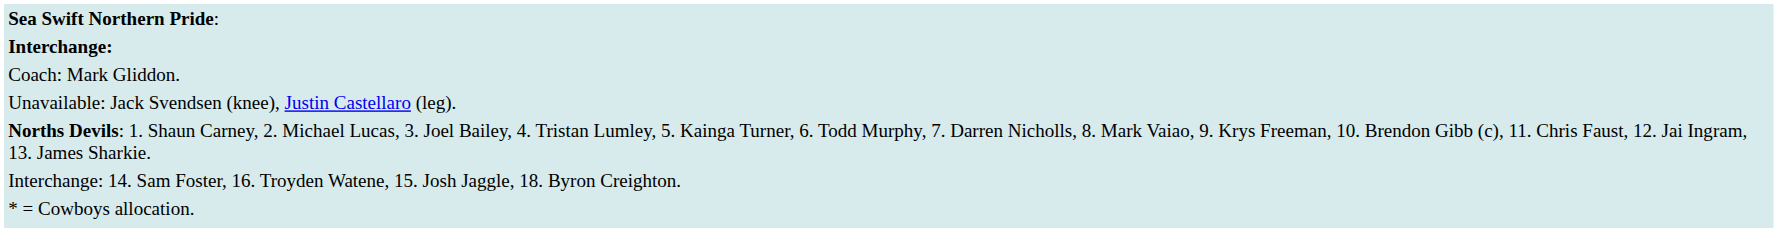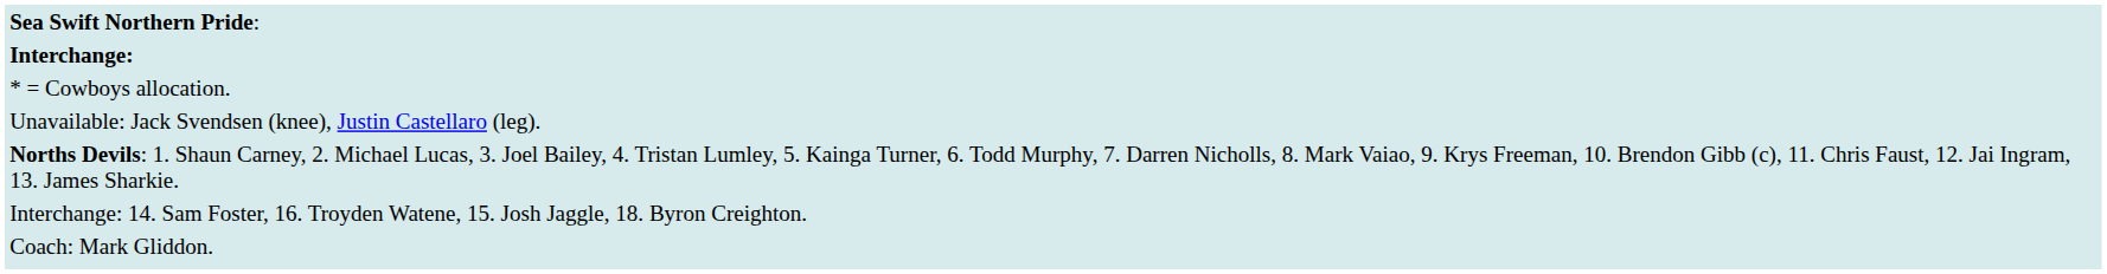 <table style="background:#d7ebed; font-size:85%; width:100%;">
 <tr>
 <td><strong>Sea Swift Northern Pride</strong>:             </td>
 </tr>
 <tr>
 <td><strong>Interchange:    </strong></td>
 </tr>
 <tr>
-<td>Coach: Mark Gliddon.</td>
+<td>* = Cowboys allocation.</td>
 </tr>
 <tr>
 <td>Unavailable: Jack Svendsen (knee), <a href='#'>Justin Castellaro</a> (leg).</td>
 </tr>
 <tr>
 <td><strong>Norths Devils</strong>: 1. Shaun Carney, 2. Michael Lucas, 3. Joel Bailey, 4. Tristan Lumley, 5. Kainga Turner, 6. Todd Murphy, 7. Darren Nicholls, 8. Mark Vaiao, 9. Krys Freeman, 10. Brendon Gibb (c), 11. Chris Faust, 12. Jai Ingram, 13. James Sharkie.</td>
 </tr>
 <tr>
 <td>Interchange: 14. Sam Foster, 16. Troyden Watene, 15. Josh Jaggle, 18. Byron Creighton.</td>
 </tr>
 <tr>
-<td>* = Cowboys allocation.</td>
+<td>Coach: Mark Gliddon.</td>
 </tr>
 <tr>
 </tr>
 </table>
